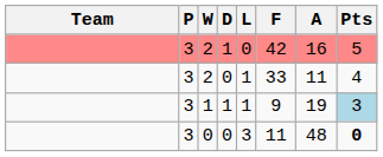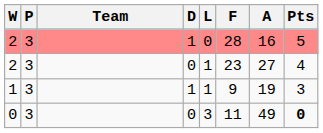 <table class="wikitable" style="text-align:center;">
 <tr>
+<th>W</th>
+<th>P</th>
 <th width="120px">Team</th>
-<th>P</th>
-<th>W</th>
 <th>D</th>
 <th>L</th>
 <th width="23px">F</th>
 <th width="23px">A</th>
 <th width="23px">Pts</th>
 </tr>
 <tr bgcolor="#FF8888">
+<td>2</td>
+<td>3</td>
 <td></td>
-<td>3</td>
-<td>2</td>
 <td>1</td>
 <td>0</td>
-<td>42</td>
+<td>28</td>
 <td>16</td>
 <td>5</td>
 </tr>
 <tr>
+<td>2</td>
+<td>3</td>
 <td></td>
-<td>3</td>
-<td>2</td>
 <td>0</td>
 <td>1</td>
-<td>33</td>
-<td>11</td>
+<td>23</td>
+<td>27</td>
 <td>4</td>
 </tr>
 <tr>
+<td>1</td>
+<td>3</td>
 <td></td>
-<td>3</td>
-<td>1</td>
 <td>1</td>
 <td>1</td>
 <td>9</td>
 <td>19</td>
-<td style="background: lightblue;">3</td>
+<td>3</td>
 </tr>
 <tr>
+<td>0</td>
+<td>3</td>
 <td></td>
-<td>3</td>
-<td>0</td>
 <td>0</td>
 <td>3</td>
 <td>11</td>
-<td>48</td>
+<td>49</td>
 <td><strong>0</strong></td>
 </tr>
 </table>
